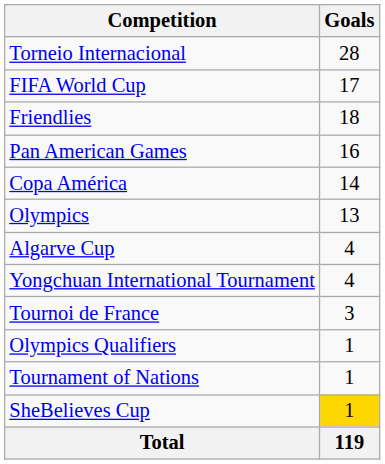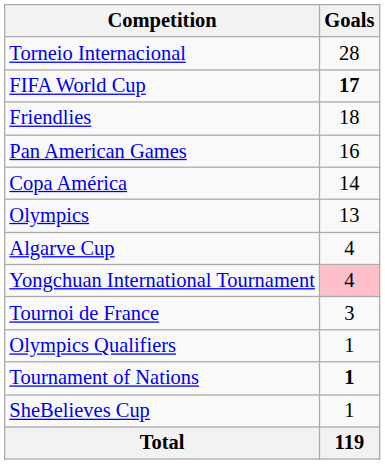 <table class="wikitable sortable" style="text-align:center">
 <tr>
 <th scope="col">Competition</th>
 <th scope="col">Goals</th>
 </tr>
 <tr>
 <td style="text-align:left"><a href='#'>Torneio Internacional</a></td>
 <td>28</td>
 </tr>
 <tr>
 <td style="text-align:left"><a href='#'>FIFA World Cup</a></td>
-<td>17</td>
+<td><strong>17</strong></td>
 </tr>
 <tr>
 <td style="text-align:left"><a href='#'>Friendlies</a></td>
 <td>18</td>
 </tr>
 <tr>
 <td style="text-align:left"><a href='#'>Pan American Games</a></td>
 <td>16</td>
 </tr>
 <tr>
 <td style="text-align:left"><a href='#'>Copa América</a></td>
 <td>14</td>
 </tr>
 <tr>
 <td style="text-align:left"><a href='#'>Olympics</a></td>
 <td>13</td>
 </tr>
 <tr>
 <td style="text-align:left"><a href='#'>Algarve Cup</a></td>
 <td>4</td>
 </tr>
 <tr>
 <td style="text-align:left"><a href='#'>Yongchuan International Tournament</a></td>
-<td>4</td>
+<td style="background: pink;">4</td>
 </tr>
 <tr>
 <td style="text-align:left"><a href='#'>Tournoi de France</a></td>
 <td>3</td>
 </tr>
 <tr>
 <td style="text-align:left"><a href='#'>Olympics Qualifiers</a></td>
 <td>1</td>
 </tr>
 <tr>
 <td style="text-align:left"><a href='#'>Tournament of Nations</a></td>
-<td>1</td>
+<td><strong>1</strong></td>
 </tr>
 <tr>
 <td style="text-align:left"><a href='#'>SheBelieves Cup</a></td>
-<td style="background: gold;">1</td>
+<td>1</td>
 </tr>
 <tr>
 <th>Total</th>
 <th>119</th>
 </tr>
 </table>
